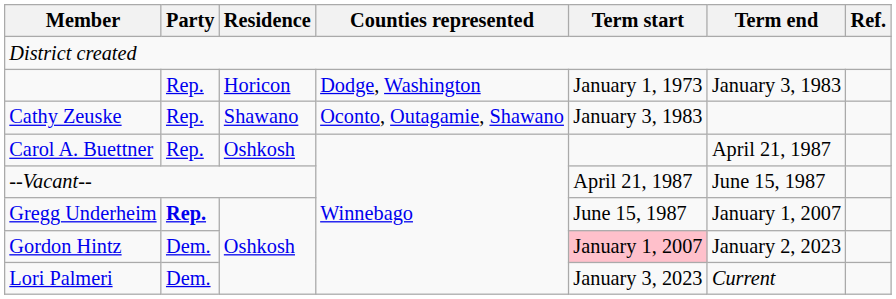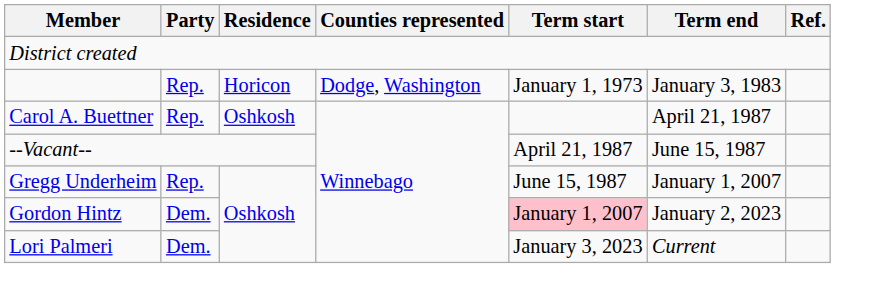 <table class="wikitable">
 <tr>
 <th>Member</th>
 <th>Party</th>
 <th>Residence</th>
 <th>Counties represented</th>
 <th>Term start</th>
 <th>Term end</th>
 <th>Ref.</th>
 </tr>
 <tr>
 <td colspan="7"><em>District created</em></td>
 </tr>
 <tr>
 <td></td>
 <td><a href='#'>Rep.</a></td>
 <td><a href='#'>Horicon</a></td>
 <td><a href='#'>Dodge</a>, <a href='#'>Washington</a></td>
 <td>January 1, 1973</td>
 <td>January 3, 1983</td>
 <td></td>
 </tr>
 <tr>
-<td><a href='#'>Cathy Zeuske</a></td>
-<td><a href='#'>Rep.</a></td>
-<td><a href='#'>Shawano</a></td>
-<td><a href='#'>Oconto</a>, <a href='#'>Outagamie</a>, <a href='#'>Shawano</a></td>
-<td>January 3, 1983</td>
-<td></td>
-<td></td>
-</tr>
-<tr>
 <td><a href='#'>Carol A. Buettner</a></td>
 <td><a href='#'>Rep.</a></td>
 <td><a href='#'>Oshkosh</a></td>
 <td rowspan="5"><a href='#'>Winnebago</a></td>
 <td></td>
 <td>April 21, 1987</td>
 <td></td>
 </tr>
 <tr>
 <td colspan="3"><em>--Vacant--</em></td>
 <td>April 21, 1987</td>
 <td>June 15, 1987</td>
 <td></td>
 </tr>
 <tr>
 <td><a href='#'>Gregg Underheim</a></td>
-<td><strong><a href='#'>Rep.</a></strong></td>
+<td><a href='#'>Rep.</a></td>
 <td rowspan="3"><a href='#'>Oshkosh</a></td>
 <td>June 15, 1987</td>
 <td>January 1, 2007</td>
 <td></td>
 </tr>
 <tr>
 <td><a href='#'>Gordon Hintz</a></td>
 <td><a href='#'>Dem.</a></td>
 <td style="background: pink;">January 1, 2007</td>
 <td>January 2, 2023</td>
 <td></td>
 </tr>
 <tr>
 <td><a href='#'>Lori Palmeri</a></td>
 <td><a href='#'>Dem.</a></td>
 <td>January 3, 2023</td>
 <td><em>Current</em></td>
 <td></td>
 </tr>
 </table>
